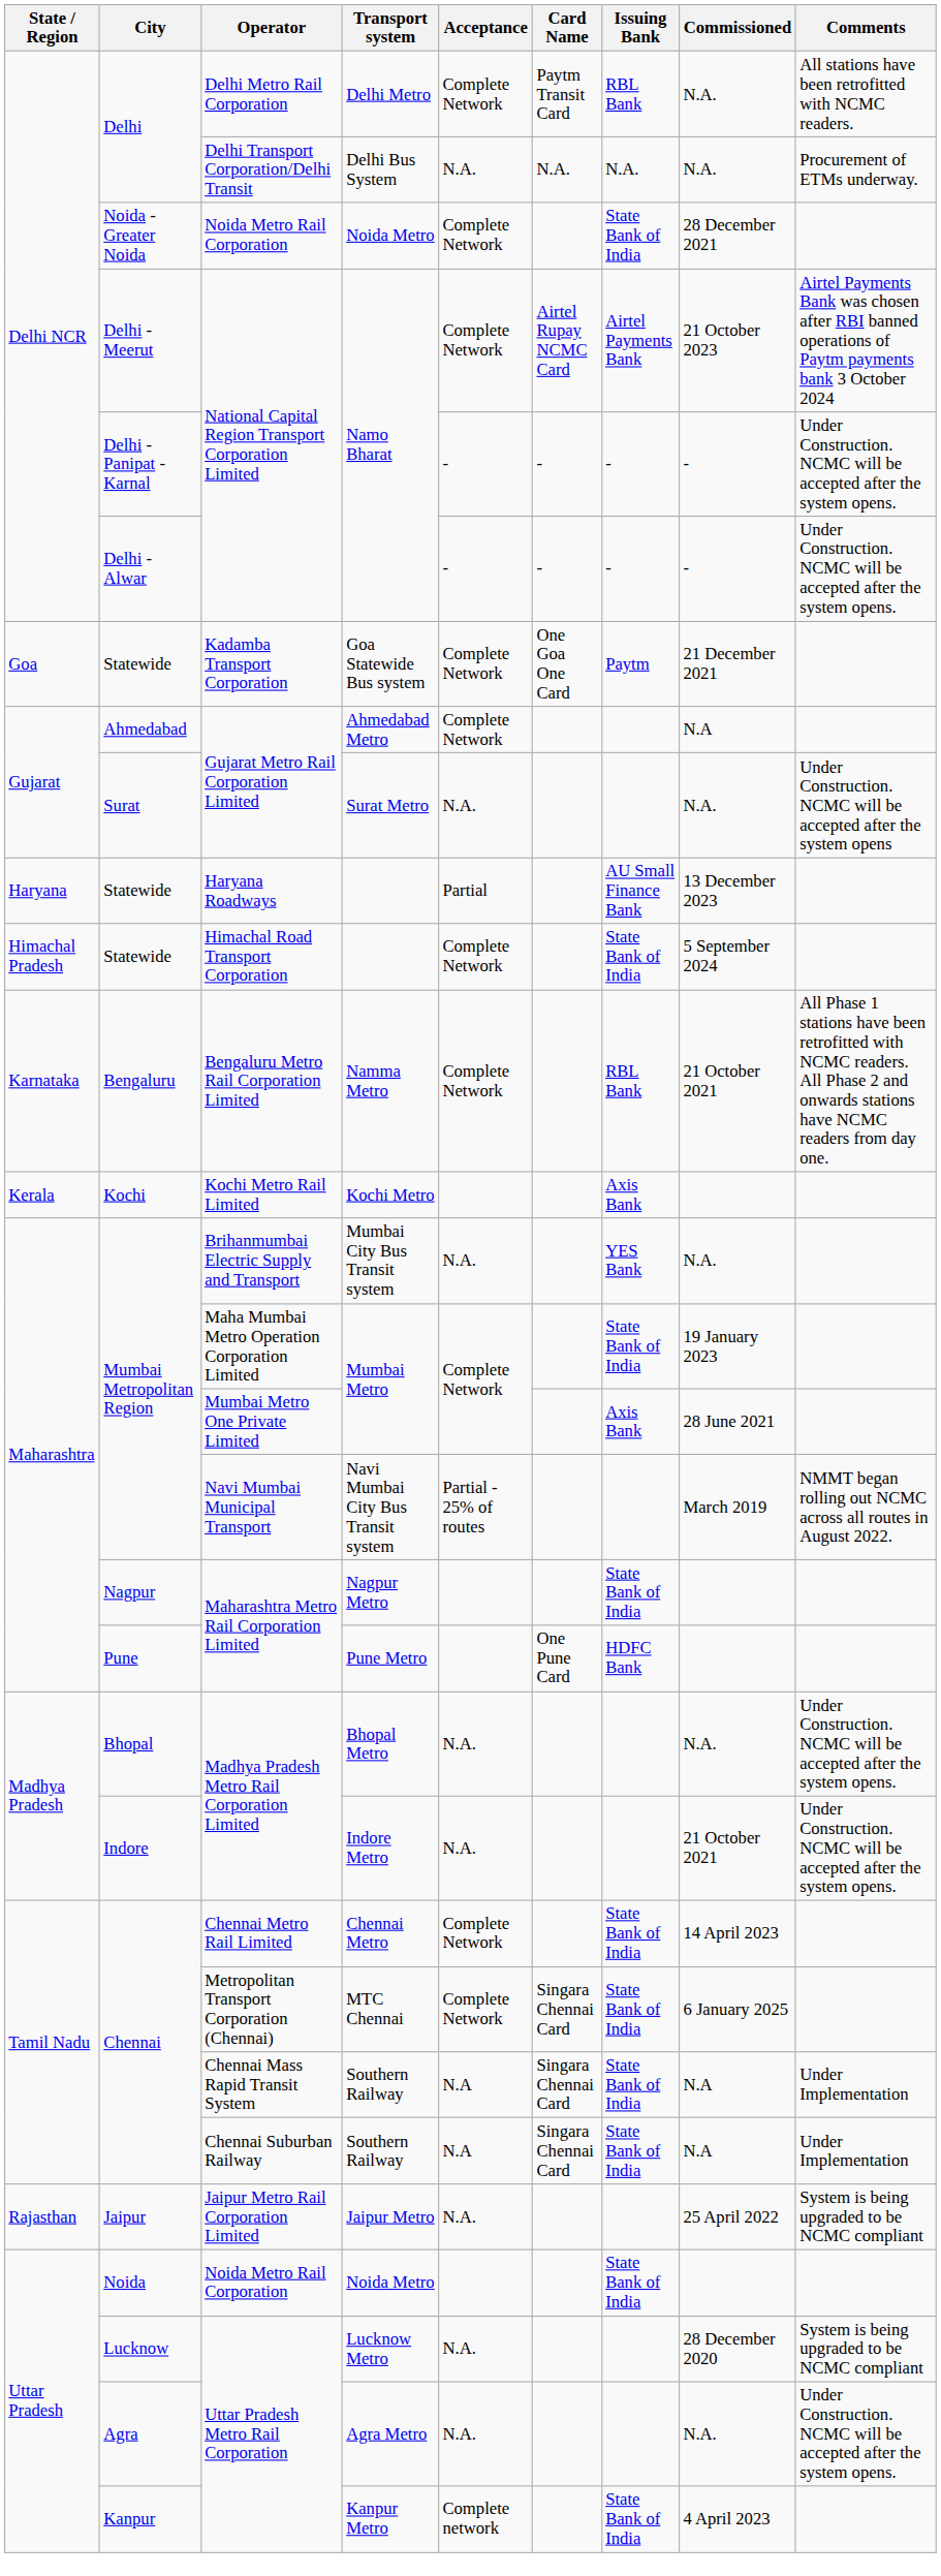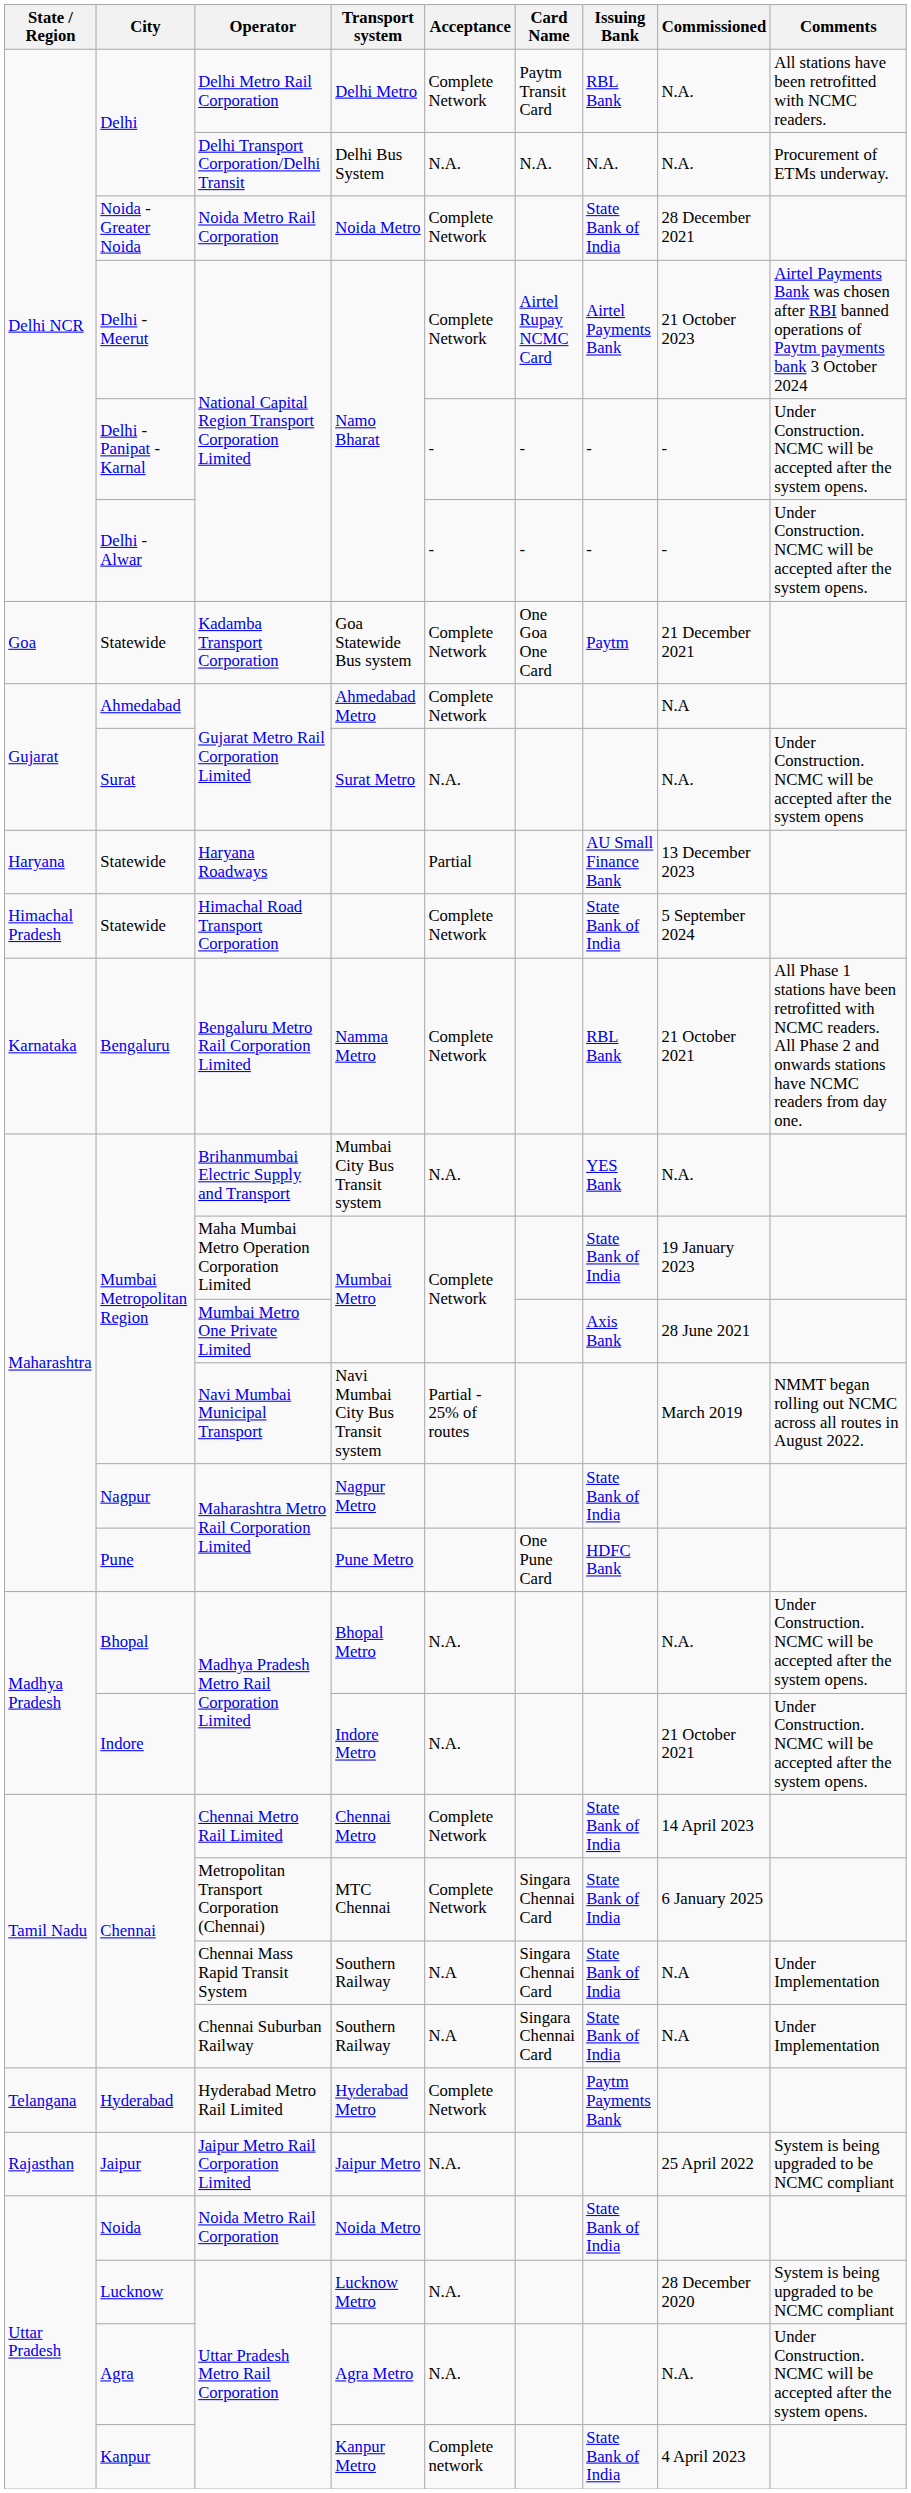 <table class="wikitable">
 <tr>
 <th>State / Region</th>
 <th>City</th>
 <th>Operator</th>
 <th>Transport system</th>
 <th>Acceptance</th>
 <th>Card Name</th>
 <th>Issuing Bank</th>
 <th>Commissioned</th>
 <th>Comments</th>
 </tr>
 <tr>
 <td rowspan="6"><a href='#'>Delhi NCR</a></td>
 <td rowspan="2"><a href='#'>Delhi</a></td>
 <td><a href='#'>Delhi Metro Rail Corporation</a></td>
 <td><a href='#'>Delhi Metro</a></td>
 <td>Complete Network</td>
 <td>Paytm Transit Card</td>
 <td><a href='#'>RBL Bank</a></td>
 <td>N.A.</td>
 <td>All stations have been retrofitted with NCMC readers.</td>
 </tr>
 <tr>
 <td><a href='#'>Delhi Transport Corporation/Delhi Transit</a></td>
 <td>Delhi Bus System</td>
 <td>N.A.</td>
 <td>N.A.</td>
 <td>N.A.</td>
 <td>N.A.</td>
 <td>Procurement of ETMs underway.</td>
 </tr>
 <tr>
 <td><a href='#'>Noida</a> - <br><a href='#'>Greater Noida</a></td>
 <td><a href='#'>Noida Metro Rail Corporation</a></td>
 <td><a href='#'>Noida Metro</a></td>
 <td>Complete Network</td>
 <td></td>
 <td><a href='#'>State Bank of India</a></td>
 <td>28 December 2021</td>
 <td></td>
 </tr>
 <tr>
 <td><a href='#'>Delhi</a> - <a href='#'>Meerut</a></td>
 <td rowspan="3"><a href='#'>National Capital Region Transport Corporation Limited</a></td>
 <td rowspan="3"><a href='#'>Namo Bharat</a></td>
 <td>Complete Network</td>
 <td><a href='#'>Airtel Rupay NCMC Card</a></td>
 <td><a href='#'>Airtel Payments Bank</a></td>
 <td>21 October 2023</td>
 <td><a href='#'>Airtel Payments Bank</a> was chosen after <a href='#'>RBI</a> banned operations of <a href='#'>Paytm payments bank</a> 3 October 2024</td>
 </tr>
 <tr>
 <td><a href='#'>Delhi</a> - <a href='#'>Panipat</a> - <a href='#'>Karnal</a></td>
 <td>-</td>
 <td>-</td>
 <td>-</td>
 <td>-</td>
 <td>Under Construction. NCMC will be accepted after the system opens.</td>
 </tr>
 <tr>
 <td><a href='#'>Delhi</a> - <a href='#'>Alwar</a></td>
 <td>-</td>
 <td>-</td>
 <td>-</td>
 <td>-</td>
 <td>Under Construction. NCMC will be accepted after the system opens.</td>
 </tr>
 <tr>
 <td><a href='#'>Goa</a></td>
 <td>Statewide</td>
 <td><a href='#'>Kadamba Transport Corporation</a></td>
 <td>Goa Statewide Bus system</td>
 <td>Complete Network</td>
 <td>One Goa One Card</td>
 <td><a href='#'>Paytm</a></td>
 <td>21 December 2021</td>
 <td></td>
 </tr>
 <tr>
 <td rowspan = "2"><a href='#'>Gujarat</a></td>
 <td><a href='#'>Ahmedabad</a></td>
 <td rowspan = "2"><a href='#'>Gujarat Metro Rail Corporation Limited</a></td>
 <td><a href='#'>Ahmedabad Metro</a></td>
 <td>Complete Network</td>
 <td></td>
 <td></td>
 <td>N.A</td>
 <td></td>
 </tr>
 <tr>
 <td><a href='#'>Surat</a></td>
 <td><a href='#'>Surat Metro</a></td>
 <td>N.A.</td>
 <td></td>
 <td></td>
 <td>N.A.</td>
 <td>Under Construction. NCMC will be accepted after the system opens</td>
 </tr>
 <tr>
 <td><a href='#'>Haryana</a></td>
 <td>Statewide</td>
 <td><a href='#'>Haryana Roadways</a></td>
 <td></td>
 <td>Partial</td>
 <td></td>
 <td><a href='#'>AU Small Finance Bank</a></td>
 <td>13 December 2023</td>
 <td></td>
 </tr>
 <tr>
 <td><a href='#'>Himachal Pradesh</a></td>
 <td>Statewide</td>
 <td><a href='#'>Himachal Road Transport Corporation</a></td>
 <td></td>
 <td>Complete Network</td>
 <td></td>
 <td><a href='#'>State Bank of India</a></td>
 <td>5 September 2024</td>
 <td></td>
 </tr>
 <tr>
 <td><a href='#'>Karnataka</a></td>
 <td><a href='#'>Bengaluru</a></td>
 <td><a href='#'>Bengaluru Metro Rail Corporation Limited</a></td>
 <td><a href='#'>Namma Metro</a></td>
 <td>Complete Network</td>
 <td></td>
 <td><a href='#'>RBL Bank</a></td>
 <td>21 October 2021</td>
 <td>All Phase 1 stations have been retrofitted with NCMC readers. All Phase 2 and onwards stations have NCMC readers from day one.</td>
 </tr>
 <tr>
-<td><a href='#'>Kerala</a></td>
-<td><a href='#'>Kochi</a></td>
-<td><a href='#'>Kochi Metro Rail Limited</a></td>
-<td><a href='#'>Kochi Metro</a></td>
-<td></td>
-<td></td>
-<td><a href='#'>Axis Bank</a></td>
-<td></td>
-<td></td>
-</tr>
-<tr>
 <td rowspan="6"><a href='#'>Maharashtra</a></td>
 <td rowspan="4"><a href='#'>Mumbai Metropolitan Region</a></td>
 <td><a href='#'>Brihanmumbai Electric Supply and Transport</a></td>
 <td>Mumbai City Bus Transit system</td>
 <td>N.A.</td>
 <td></td>
 <td><a href='#'>YES Bank</a></td>
 <td>N.A.</td>
 <td></td>
 </tr>
 <tr>
 <td>Maha Mumbai Metro Operation Corporation Limited</td>
 <td rowspan="2"><a href='#'>Mumbai Metro</a></td>
 <td rowspan="2">Complete Network</td>
 <td></td>
 <td><a href='#'>State Bank of India</a></td>
 <td>19 January 2023</td>
 <td></td>
 </tr>
 <tr>
 <td><a href='#'>Mumbai Metro One Private Limited</a></td>
 <td></td>
 <td><a href='#'>Axis Bank</a></td>
 <td>28 June 2021</td>
 </tr>
 <tr>
 <td><a href='#'>Navi Mumbai Municipal Transport</a></td>
 <td>Navi Mumbai City Bus Transit system</td>
 <td>Partial - 25% of routes</td>
 <td></td>
 <td></td>
 <td>March 2019</td>
 <td>NMMT began rolling out NCMC across all routes in August 2022.</td>
 </tr>
 <tr>
 <td><a href='#'>Nagpur</a></td>
 <td rowspan="2"><a href='#'>Maharashtra Metro Rail Corporation Limited</a></td>
 <td><a href='#'>Nagpur Metro</a></td>
 <td></td>
 <td></td>
 <td><a href='#'>State Bank of India</a></td>
 <td></td>
 <td></td>
 </tr>
 <tr>
 <td><a href='#'>Pune</a></td>
 <td><a href='#'>Pune Metro</a></td>
 <td></td>
 <td>One Pune Card</td>
 <td><a href='#'>HDFC Bank</a></td>
 <td></td>
 <td></td>
 </tr>
 <tr>
 <td rowspan="2"><a href='#'>Madhya Pradesh</a></td>
 <td><a href='#'>Bhopal</a></td>
 <td rowspan="2"><a href='#'>Madhya Pradesh Metro Rail Corporation Limited</a></td>
 <td><a href='#'>Bhopal Metro</a></td>
 <td>N.A.</td>
 <td></td>
 <td></td>
 <td>N.A.</td>
 <td>Under Construction. NCMC will be accepted after the system opens.</td>
 </tr>
 <tr>
 <td><a href='#'>Indore</a></td>
 <td><a href='#'>Indore Metro</a></td>
 <td>N.A.</td>
 <td></td>
 <td></td>
 <td>21 October 2021</td>
 <td>Under Construction. NCMC will be accepted after the system opens.</td>
 </tr>
 <tr>
 <td rowspan="4"><a href='#'>Tamil Nadu</a></td>
 <td rowspan="4"><a href='#'>Chennai</a></td>
 <td><a href='#'>Chennai Metro Rail Limited</a></td>
 <td><a href='#'>Chennai Metro</a></td>
 <td>Complete Network</td>
 <td></td>
 <td><a href='#'>State Bank of India</a></td>
 <td>14 April 2023</td>
 <td></td>
 </tr>
 <tr>
 <td>Metropolitan Transport Corporation (Chennai)</td>
 <td>MTC Chennai</td>
 <td>Complete<br>Network</td>
 <td>Singara<br>Chennai Card</td>
 <td><a href='#'>State</a><br><a href='#'>Bank of India</a></td>
 <td>6 January 2025</td>
 <td></td>
 </tr>
 <tr>
 <td>Chennai Mass Rapid Transit System</td>
 <td>Southern Railway</td>
 <td>N.A</td>
 <td>Singara<br>Chennai Card</td>
 <td><a href='#'>State</a><br><a href='#'>Bank of India</a></td>
 <td>N.A</td>
 <td>Under<br>Implementation</td>
 </tr>
 <tr>
 <td>Chennai Suburban Railway</td>
 <td>Southern Railway</td>
 <td>N.A</td>
 <td>Singara<br>Chennai Card</td>
 <td><a href='#'>State</a><br><a href='#'>Bank of India</a></td>
 <td>N.A</td>
 <td>Under<br>Implementation</td>
 </tr>
 <tr>
+<td><a href='#'>Telangana</a></td>
+<td><a href='#'>Hyderabad</a></td>
+<td>Hyderabad Metro Rail Limited</td>
+<td><a href='#'>Hyderabad Metro</a></td>
+<td>Complete Network</td>
+<td></td>
+<td><a href='#'>Paytm Payments Bank</a></td>
+<td></td>
+<td></td>
+</tr>
+<tr>
 <td><a href='#'>Rajasthan</a></td>
 <td><a href='#'>Jaipur</a></td>
 <td><a href='#'>Jaipur Metro Rail Corporation Limited</a></td>
 <td><a href='#'>Jaipur Metro</a></td>
 <td>N.A.</td>
 <td></td>
 <td></td>
 <td>25 April 2022</td>
 <td>System is being upgraded to be NCMC compliant</td>
 </tr>
 <tr>
 <td rowspan="4"><a href='#'>Uttar Pradesh</a></td>
 <td><a href='#'>Noida</a></td>
 <td><a href='#'>Noida Metro Rail Corporation</a></td>
 <td><a href='#'>Noida Metro</a></td>
 <td></td>
 <td></td>
 <td><a href='#'>State Bank of India</a></td>
 <td></td>
 <td></td>
 </tr>
 <tr>
 <td><a href='#'>Lucknow</a></td>
 <td rowspan="3"><a href='#'>Uttar Pradesh Metro Rail Corporation</a></td>
 <td><a href='#'>Lucknow Metro</a></td>
 <td>N.A.</td>
 <td></td>
 <td></td>
 <td>28 December 2020</td>
 <td>System is being upgraded to be NCMC compliant</td>
 </tr>
 <tr>
 <td><a href='#'>Agra</a></td>
 <td><a href='#'>Agra Metro</a></td>
 <td>N.A.</td>
 <td></td>
 <td></td>
 <td>N.A.</td>
 <td>Under Construction. NCMC will be accepted after the system opens.</td>
 </tr>
 <tr>
 <td><a href='#'>Kanpur</a></td>
 <td><a href='#'>Kanpur Metro</a></td>
 <td>Complete network</td>
 <td></td>
 <td><a href='#'>State Bank of India</a></td>
 <td>4 April 2023</td>
 <td></td>
 </tr>
 </table>
